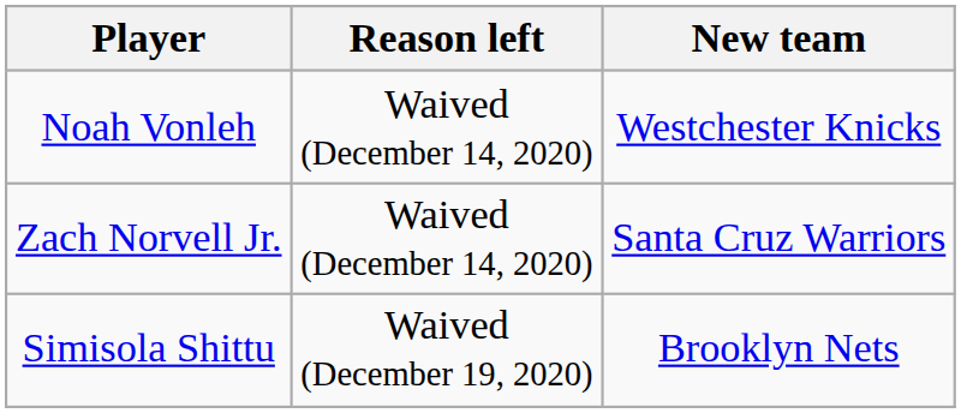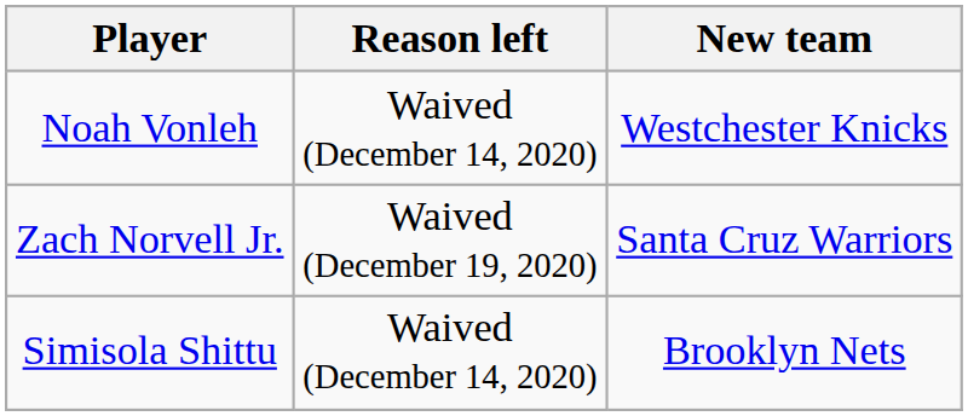 <table class="wikitable sortable sortable" style="text-align: center">
 <tr>
 <th>Player</th>
 <th>Reason left</th>
 <th>New team</th>
 </tr>
 <tr>
 <td><a href='#'>Noah Vonleh</a></td>
 <td>Waived<br><small>(December 14, 2020)</small></td>
 <td><a href='#'>Westchester Knicks</a></td>
 </tr>
 <tr>
 <td><a href='#'>Zach Norvell Jr.</a></td>
-<td>Waived<br><small>(December 14, 2020)</small></td>
+<td>Waived<br><small>(December 19, 2020)</small></td>
 <td><a href='#'>Santa Cruz Warriors</a></td>
 </tr>
 <tr>
 <td><a href='#'>Simisola Shittu</a></td>
-<td>Waived<br><small>(December 19, 2020)</small></td>
+<td>Waived<br><small>(December 14, 2020)</small></td>
 <td><a href='#'>Brooklyn Nets</a></td>
 </tr>
 </table>
